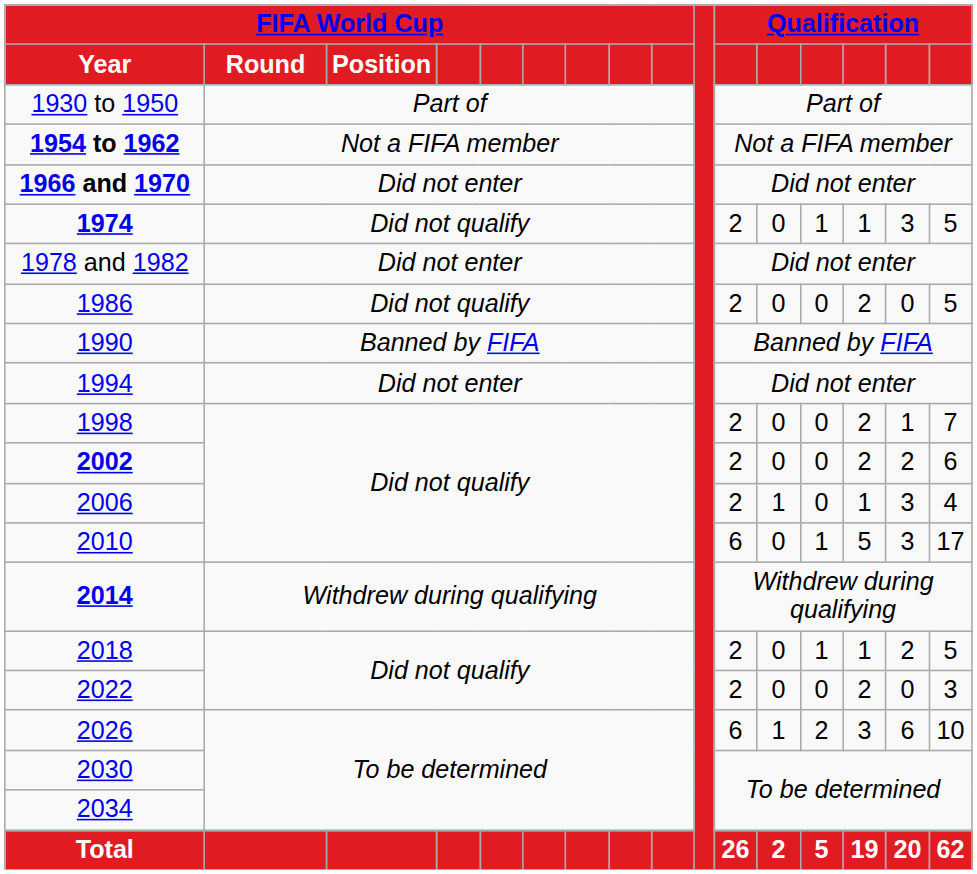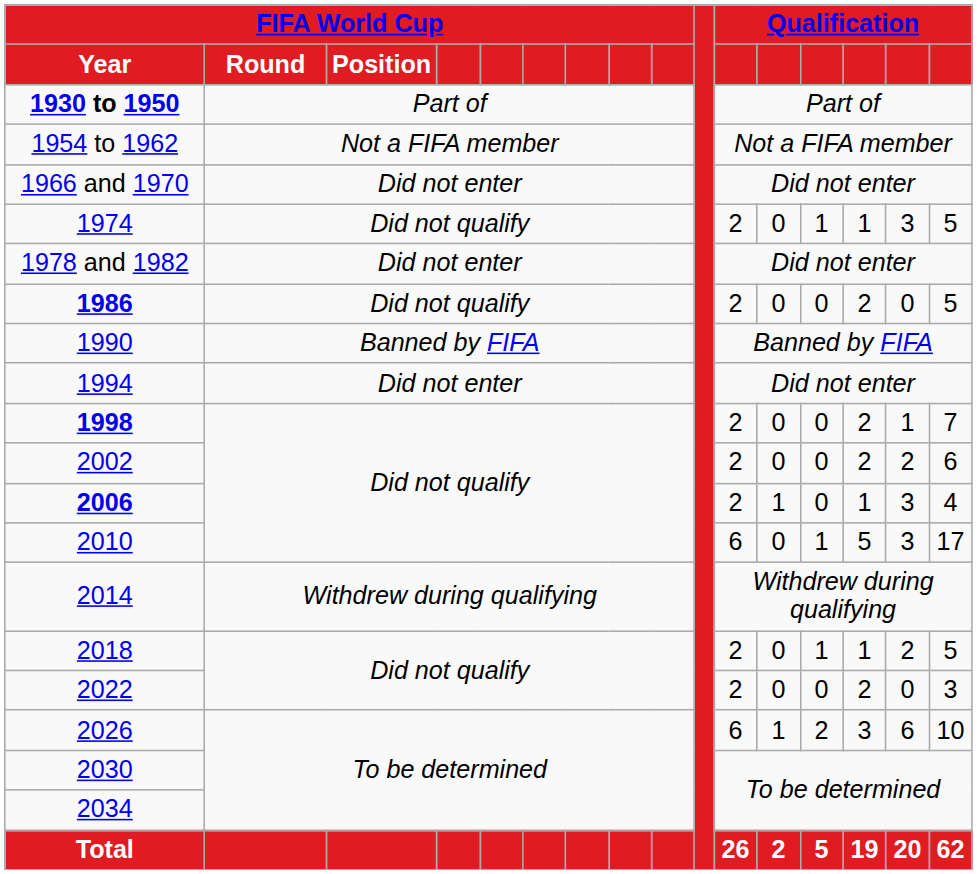 <table class="wikitable" style=text-align:center;">
 <tr style="color:white;">
 <th style="background:#e11b22;" colspan=9><a href='#'>FIFA World Cup</a></th>
 <th style="width:2%; background:#e11b22;" rowspan="28"></th>
 <th style="background:#e11b22;" colspan=7><a href='#'>Qualification</a></th>
 </tr>
 <tr style="color:white;">
 <th style="width:120px; background:#e11b22;">Year</th>
 <th style="width:70px; background:#e11b22;">Round</th>
 <th style="width:60px; background:#e11b22;">Position</th>
 <th style="width:20px; background:#e11b22;"></th>
 <th style="width:20px; background:#e11b22;"></th>
 <th style="width:20px; background:#e11b22;"></th>
 <th style="width:20px; background:#e11b22;"></th>
 <th style="width:20px; background:#e11b22;"></th>
 <th style="width:20px; background:#e11b22;"></th>
 <th style="width:20px; background:#e11b22;"></th>
 <th style="width:20px; background:#e11b22;"></th>
 <th style="width:20px; background:#e11b22;"></th>
 <th style="width:20px; background:#e11b22;"></th>
 <th style="width:20px; background:#e11b22;"></th>
 <th style="width:20px; background:#e11b22;"></th>
 </tr>
 <tr>
-<td><a href='#'>1930</a> to <a href='#'>1950</a></td>
+<td><strong><a href='#'>1930</a> to <a href='#'>1950</a></strong></td>
 <td colspan=8><em>Part of </em></td>
 <td colspan=6><em>Part of </em></td>
 </tr>
 <tr>
-<td><strong><a href='#'>1954</a> to <a href='#'>1962</a></strong></td>
+<td><a href='#'>1954</a> to <a href='#'>1962</a></td>
 <td colspan=8><em>Not a FIFA member</em></td>
 <td colspan=6><em>Not a FIFA member</em></td>
 </tr>
 <tr>
-<td><strong><a href='#'>1966</a> and <a href='#'>1970</a></strong></td>
+<td><a href='#'>1966</a> and <a href='#'>1970</a></td>
 <td colspan=8><em>Did not enter</em></td>
 <td colspan=6><em>Did not enter</em></td>
 </tr>
 <tr>
-<td><strong> <a href='#'>1974</a></strong></td>
+<td> <a href='#'>1974</a></td>
 <td Colspan=8><em>Did not qualify</em></td>
 <td>2</td>
 <td>0</td>
 <td>1</td>
 <td>1</td>
 <td>3</td>
 <td>5</td>
 </tr>
 <tr>
 <td><a href='#'>1978</a> and <a href='#'>1982</a></td>
 <td Colspan=8><em>Did not enter</em></td>
 <td Colspan=6><em>Did not enter</em></td>
 </tr>
 <tr>
-<td> <a href='#'>1986</a></td>
+<td><strong> <a href='#'>1986</a></strong></td>
 <td Colspan=8><em>Did not qualify</em></td>
 <td>2</td>
 <td>0</td>
 <td>0</td>
 <td>2</td>
 <td>0</td>
 <td>5</td>
 </tr>
 <tr>
 <td> <a href='#'>1990</a></td>
 <td Colspan=8><em>Banned by <a href='#'>FIFA</a></em></td>
 <td Colspan=6><em>Banned by <a href='#'>FIFA</a></em></td>
 </tr>
 <tr>
 <td> <a href='#'>1994</a></td>
 <td colspan=8><em>Did not enter</em></td>
 <td colspan=6><em>Did not enter</em></td>
 </tr>
 <tr>
-<td> <a href='#'>1998</a></td>
+<td><strong> <a href='#'>1998</a></strong></td>
 <td rowspan=4 colspan=8><em>Did not qualify</em></td>
 <td>2</td>
 <td>0</td>
 <td>0</td>
 <td>2</td>
 <td>1</td>
 <td>7</td>
 </tr>
 <tr>
-<td><strong>  <a href='#'>2002</a></strong></td>
+<td>  <a href='#'>2002</a></td>
 <td>2</td>
 <td>0</td>
 <td>0</td>
 <td>2</td>
 <td>2</td>
 <td>6</td>
 </tr>
 <tr>
-<td> <a href='#'>2006</a></td>
+<td><strong> <a href='#'>2006</a></strong></td>
 <td>2</td>
 <td>1</td>
 <td>0</td>
 <td>1</td>
 <td>3</td>
 <td>4</td>
 </tr>
 <tr>
 <td> <a href='#'>2010</a></td>
 <td>6</td>
 <td>0</td>
 <td>1</td>
 <td>5</td>
 <td>3</td>
 <td>17</td>
 </tr>
 <tr>
-<td><strong> <a href='#'>2014</a></strong></td>
+<td> <a href='#'>2014</a></td>
 <td colspan=8><em>Withdrew during qualifying</em></td>
 <td colspan=6><em>Withdrew during qualifying</em></td>
 </tr>
 <tr>
 <td> <a href='#'>2018</a></td>
 <td rowspan=2 colspan=8><em>Did not qualify</em></td>
 <td>2</td>
 <td>0</td>
 <td>1</td>
 <td>1</td>
 <td>2</td>
 <td>5</td>
 </tr>
 <tr>
 <td> <a href='#'>2022</a></td>
 <td>2</td>
 <td>0</td>
 <td>0</td>
 <td>2</td>
 <td>0</td>
 <td>3</td>
 </tr>
 <tr>
 <td>   <a href='#'>2026</a></td>
 <td rowspan=3 colspan=8><em>To be determined</em></td>
 <td>6</td>
 <td>1</td>
 <td>2</td>
 <td>3</td>
 <td>6</td>
 <td>10</td>
 </tr>
 <tr>
 <td>   <a href='#'>2030</a></td>
 <td rowspan=2 colspan=6><em>To be determined</em></td>
 </tr>
 <tr>
 <td> <a href='#'>2034</a></td>
 </tr>
 <tr>
 </tr>
 <tr style="color:white;">
 <th style="background:#e11b22;">Total</th>
 <th style="background:#e11b22;"></th>
 <th style="background:#e11b22;"></th>
 <th style="background:#e11b22;"></th>
 <th style="background:#e11b22;"></th>
 <th style="background:#e11b22;"></th>
 <th style="background:#e11b22;"></th>
 <th style="background:#e11b22;"></th>
 <th style="background:#e11b22;"></th>
 <th style="background:#e11b22;">26</th>
 <th style="background:#e11b22;">2</th>
 <th style="background:#e11b22;">5</th>
 <th style="background:#e11b22;">19</th>
 <th style="background:#e11b22;">20</th>
 <th style="background:#e11b22;">62</th>
 </tr>
 </table>
